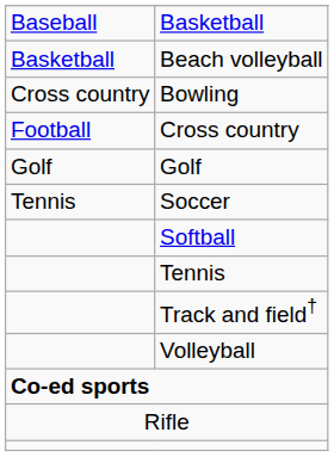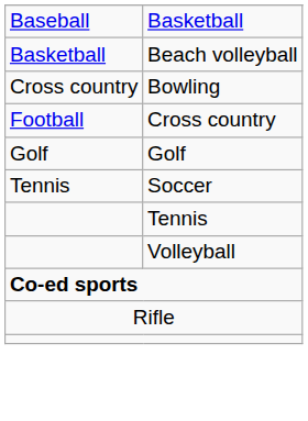 <table class="wikitable" style="float:center;">
 <tr>
 </tr>
 <tr>
 <td><a href='#'>Baseball</a></td>
 <td><a href='#'>Basketball</a></td>
 </tr>
 <tr>
 <td><a href='#'>Basketball</a></td>
 <td>Beach volleyball</td>
 </tr>
 <tr>
 <td>Cross country</td>
 <td>Bowling</td>
 </tr>
 <tr>
 <td><a href='#'>Football</a></td>
 <td>Cross country</td>
 </tr>
 <tr>
 <td>Golf</td>
 <td>Golf</td>
 </tr>
 <tr>
 <td>Tennis</td>
 <td>Soccer</td>
 </tr>
 <tr>
 <td></td>
-<td><a href='#'>Softball</a></td>
-</tr>
-<tr>
-<td></td>
 <td>Tennis</td>
-</tr>
-<tr>
-<td></td>
-<td>Track and field<sup>†</sup></td>
 </tr>
 <tr>
 <td></td>
 <td>Volleyball</td>
 </tr>
 <tr>
 <td colspan="2"><strong>Co-ed sports</strong></td>
 </tr>
 <tr style="text-align:center">
 <td colspan="2">Rifle</td>
 </tr>
 <tr>
 <td colspan="2"></td>
 </tr>
 </table>
